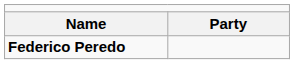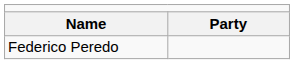 <table class=wikitable style="font-size:90%">
 <tr>
 <td colspan=4 bgcolor=></td>
 </tr>
 <tr>
 <th width=150px>Name</th>
 <th colspan=2 width=110px>Party</th>
 </tr>
 <tr>
-<td><strong>Federico Peredo</strong></td>
+<td>Federico Peredo</td>
 <td></td>
 </tr>
 </table>
